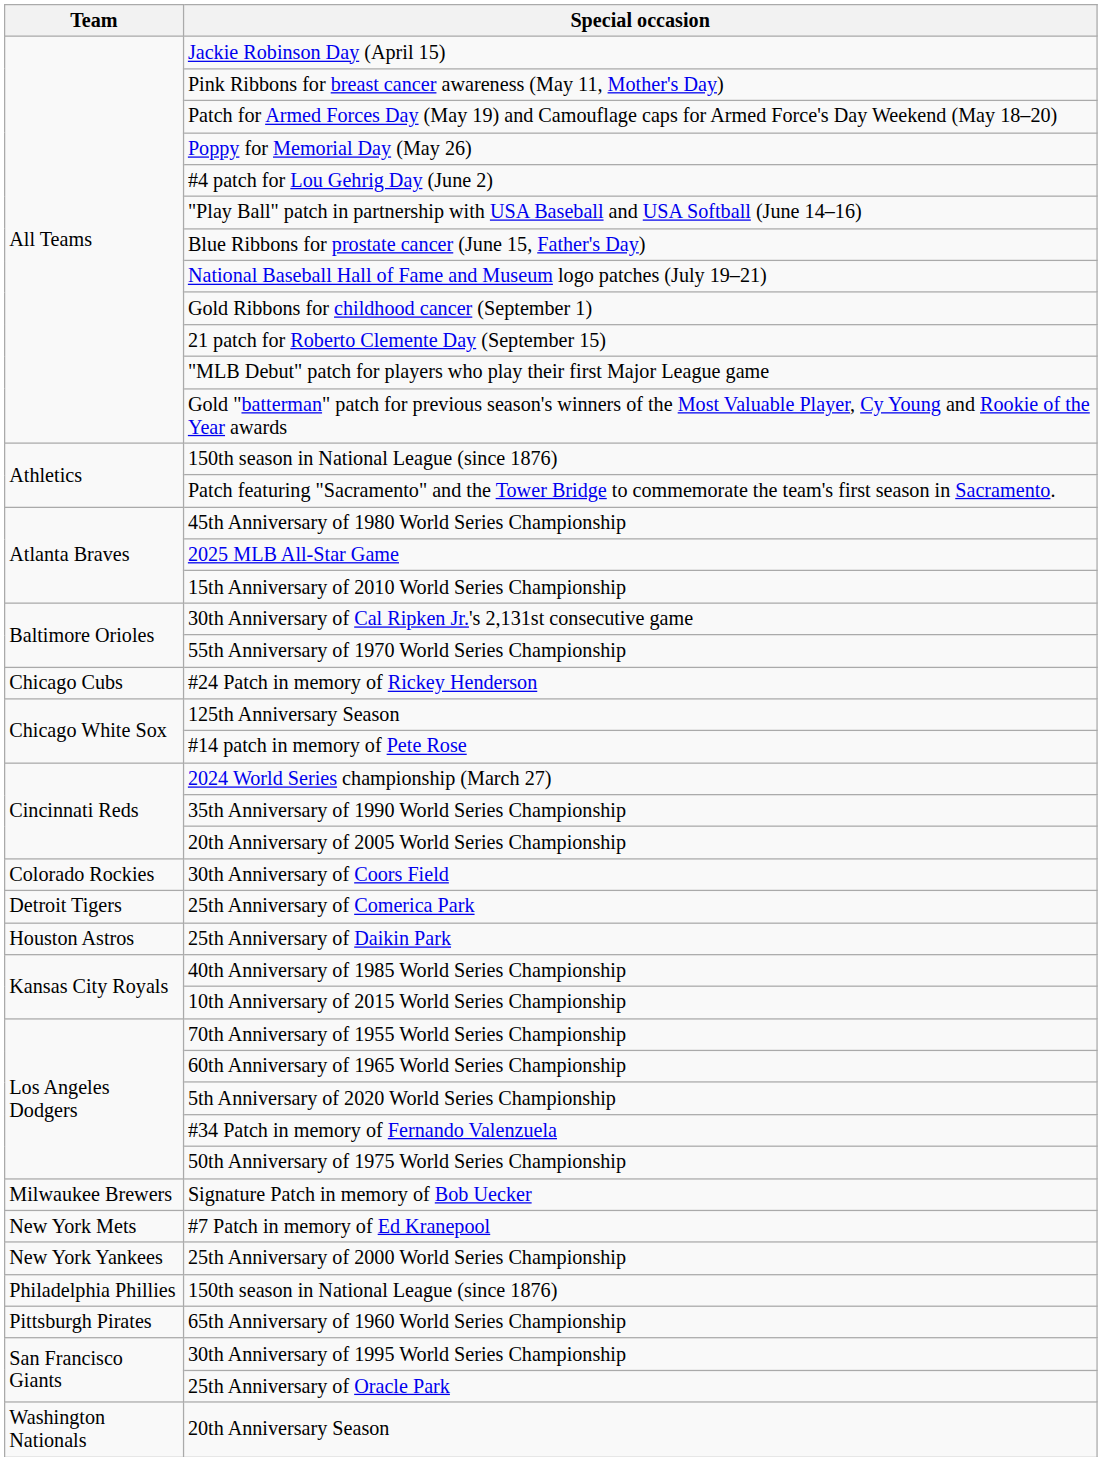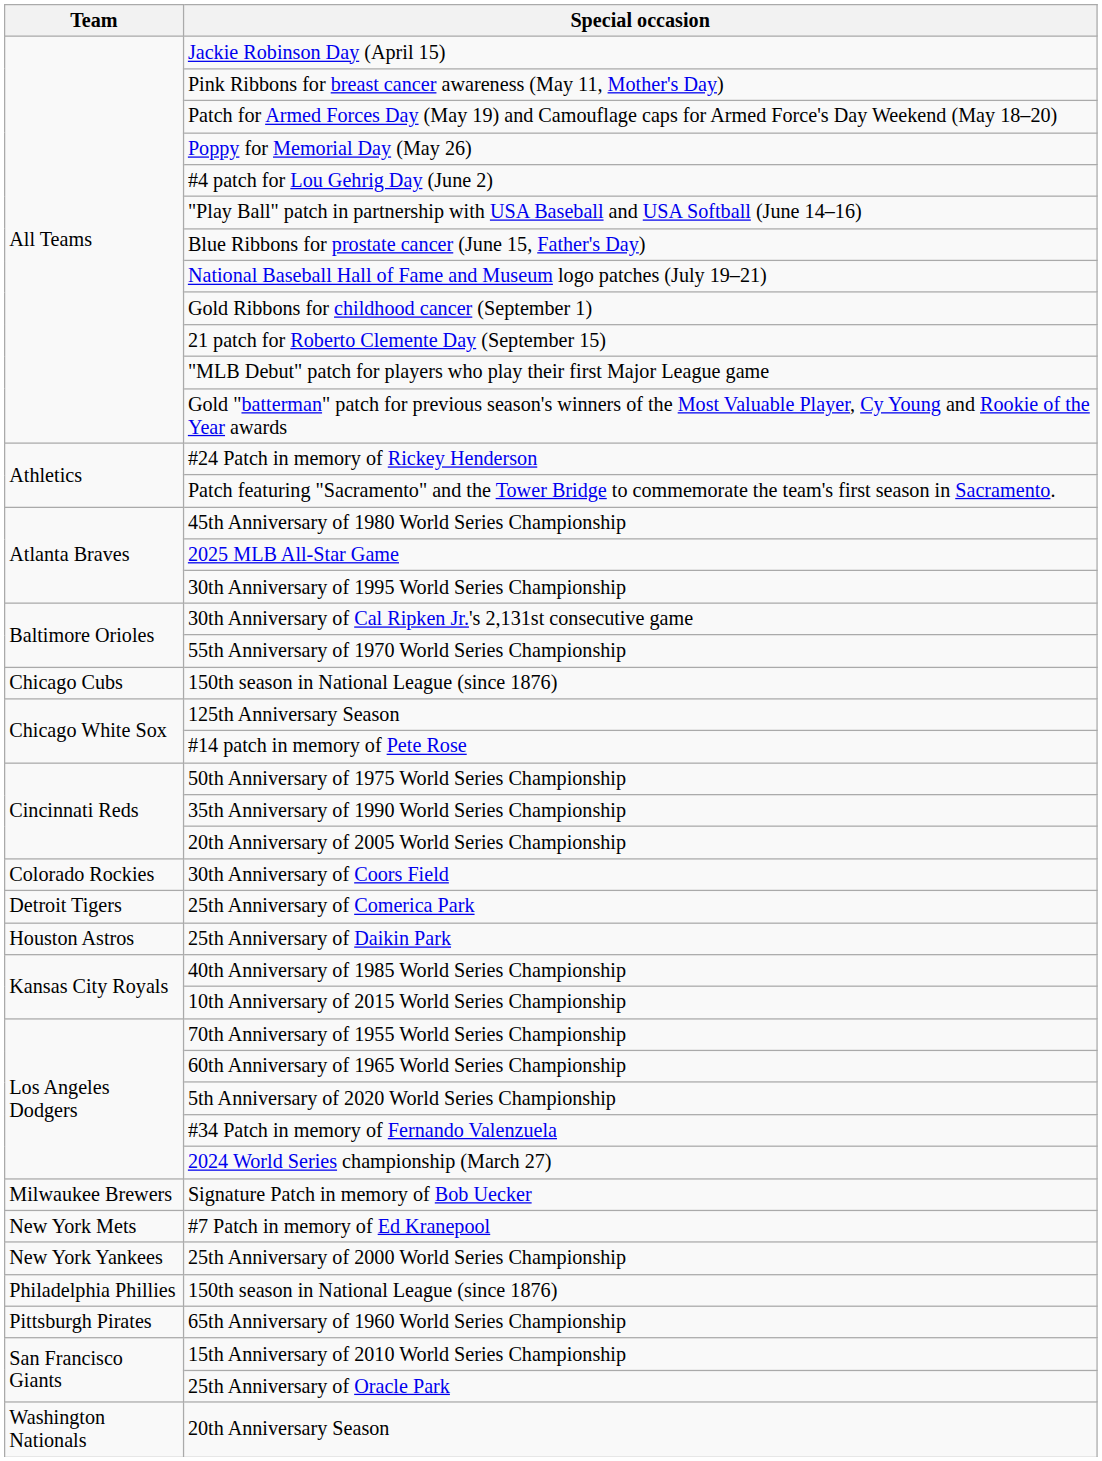 <table class="wikitable">
 <tr>
 <th>Team</th>
 <th>Special occasion</th>
 </tr>
 <tr>
 <td rowspan="12">All Teams</td>
 <td><a href='#'>Jackie Robinson Day</a> (April 15)</td>
 </tr>
 <tr>
 <td>Pink Ribbons for <a href='#'>breast cancer</a> awareness (May 11, <a href='#'>Mother's Day</a>)</td>
 </tr>
 <tr>
 <td>Patch for <a href='#'>Armed Forces Day</a> (May 19) and Camouflage caps for Armed Force's Day Weekend (May 18–20)</td>
 </tr>
 <tr>
 <td><a href='#'>Poppy</a> for <a href='#'>Memorial Day</a> (May 26)</td>
 </tr>
 <tr>
 <td>#4 patch for <a href='#'>Lou Gehrig Day</a> (June 2)</td>
 </tr>
 <tr>
 <td>"Play Ball" patch in partnership with <a href='#'>USA Baseball</a> and <a href='#'>USA Softball</a> (June 14–16)</td>
 </tr>
 <tr>
 <td>Blue Ribbons for <a href='#'>prostate cancer</a> (June 15, <a href='#'>Father's Day</a>)</td>
 </tr>
 <tr>
 <td><a href='#'>National Baseball Hall of Fame and Museum</a> logo patches (July 19–21)</td>
 </tr>
 <tr>
 <td>Gold Ribbons for <a href='#'>childhood cancer</a> (September 1)</td>
 </tr>
 <tr>
 <td>21 patch for <a href='#'>Roberto Clemente Day</a> (September 15)</td>
 </tr>
 <tr>
 <td>"MLB Debut" patch for players who play their first Major League game</td>
 </tr>
 <tr>
 <td>Gold "<a href='#'>batterman</a>" patch for previous season's winners of the <a href='#'>Most Valuable Player</a>, <a href='#'>Cy Young</a> and <a href='#'>Rookie of the Year</a> awards</td>
 </tr>
 <tr>
 <td rowspan="2">Athletics</td>
-<td>150th season in National League (since 1876)</td>
+<td>#24 Patch in memory of <a href='#'>Rickey Henderson</a></td>
 </tr>
 <tr>
 <td>Patch featuring "Sacramento" and the <a href='#'>Tower Bridge</a> to commemorate the team's first season in <a href='#'>Sacramento</a>.</td>
 </tr>
 <tr>
 <td rowspan="3">Atlanta Braves</td>
 <td>45th Anniversary of 1980 World Series Championship</td>
 </tr>
 <tr>
 <td><a href='#'>2025 MLB All-Star Game</a></td>
 </tr>
 <tr>
-<td>15th Anniversary of 2010 World Series Championship</td>
+<td>30th Anniversary of 1995 World Series Championship</td>
 </tr>
 <tr>
 <td rowspan="2">Baltimore Orioles</td>
 <td>30th Anniversary of <a href='#'>Cal Ripken Jr.</a>'s 2,131st consecutive game</td>
 </tr>
 <tr>
 <td>55th Anniversary of 1970 World Series Championship</td>
 </tr>
 <tr>
 <td>Chicago Cubs</td>
-<td>#24 Patch in memory of <a href='#'>Rickey Henderson</a></td>
+<td>150th season in National League (since 1876)</td>
 </tr>
 <tr>
 <td rowspan="2">Chicago White Sox</td>
 <td>125th Anniversary Season</td>
 </tr>
 <tr>
 <td>#14 patch in memory of <a href='#'>Pete Rose</a></td>
 </tr>
 <tr>
 <td rowspan="3">Cincinnati Reds</td>
-<td><a href='#'>2024 World Series</a> championship (March 27)</td>
+<td>50th Anniversary of 1975 World Series Championship</td>
 </tr>
 <tr>
 <td>35th Anniversary of 1990 World Series Championship</td>
 </tr>
 <tr>
 <td>20th Anniversary of 2005 World Series Championship</td>
 </tr>
 <tr>
 <td>Colorado Rockies</td>
 <td>30th Anniversary of <a href='#'>Coors Field</a></td>
 </tr>
 <tr>
 <td>Detroit Tigers</td>
 <td>25th Anniversary of <a href='#'>Comerica Park</a></td>
 </tr>
 <tr>
 <td>Houston Astros</td>
 <td>25th Anniversary of <a href='#'>Daikin Park</a></td>
 </tr>
 <tr>
 <td rowspan="2">Kansas City Royals</td>
 <td>40th Anniversary of 1985 World Series Championship</td>
 </tr>
 <tr>
 <td>10th Anniversary of 2015 World Series Championship</td>
 </tr>
 <tr>
 <td rowspan="5">Los Angeles Dodgers</td>
 <td>70th Anniversary of 1955 World Series Championship</td>
 </tr>
 <tr>
 <td>60th Anniversary of 1965 World Series Championship</td>
 </tr>
 <tr>
 <td>5th Anniversary of 2020 World Series Championship</td>
 </tr>
 <tr>
 <td>#34 Patch in memory of <a href='#'>Fernando Valenzuela</a></td>
 </tr>
 <tr>
-<td>50th Anniversary of 1975 World Series Championship</td>
+<td><a href='#'>2024 World Series</a> championship (March 27)</td>
 </tr>
 <tr>
 <td>Milwaukee Brewers</td>
 <td>Signature Patch in memory of <a href='#'>Bob Uecker</a></td>
 </tr>
 <tr>
 <td>New York Mets</td>
 <td>#7 Patch in memory of <a href='#'>Ed Kranepool</a></td>
 </tr>
 <tr>
 <td>New York Yankees</td>
 <td>25th Anniversary of 2000 World Series Championship</td>
 </tr>
 <tr>
 <td>Philadelphia Phillies</td>
 <td>150th season in National League (since 1876)</td>
 </tr>
 <tr>
 <td>Pittsburgh Pirates</td>
 <td>65th Anniversary of 1960 World Series Championship</td>
 </tr>
 <tr>
 <td rowspan="2">San Francisco Giants</td>
-<td>30th Anniversary of 1995 World Series Championship</td>
+<td>15th Anniversary of 2010 World Series Championship</td>
 </tr>
 <tr>
 <td>25th Anniversary of <a href='#'>Oracle Park</a></td>
 </tr>
 <tr>
 <td>Washington Nationals</td>
 <td>20th Anniversary Season</td>
 </tr>
 </table>
